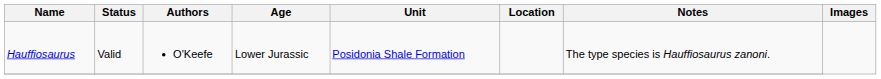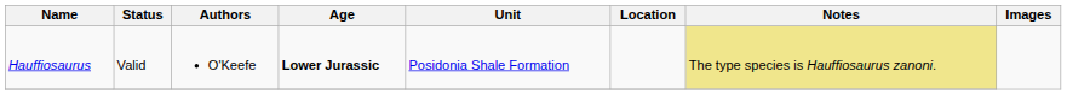 <table class="wikitable sortable" align="center" width="100%">
 <tr>
 <th>Name</th>
 <th>Status</th>
 <th>Authors</th>
 <th>Age</th>
 <th>Unit</th>
 <th>Location</th>
 <th>Notes</th>
 <th>Images</th>
 </tr>
 <tr>
 <td><br><em><a href='#'>Hauffiosaurus</a></em></td>
 <td><br>Valid</td>
 <td><br><ul><li>O'Keefe</li></ul></td>
-<td><br>Lower Jurassic</td>
+<td><strong><br>Lower Jurassic</strong></td>
 <td><br><a href='#'>Posidonia Shale Formation</a></td>
 <td><br></td>
-<td><br>The type species is <em>Hauffiosaurus zanoni</em>.</td>
+<td style="background: khaki;"><br>The type species is <em>Hauffiosaurus zanoni</em>.</td>
 <td rowspan="47"><br></td>
 </tr>
 <tr>
 </tr>
 </table>
